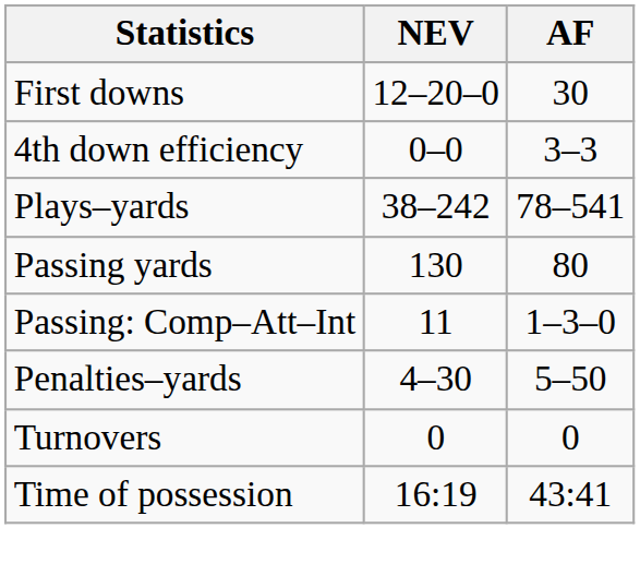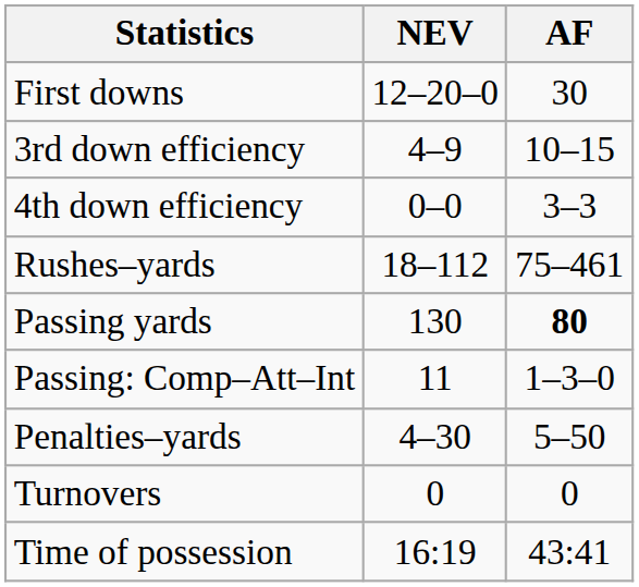 <table class="wikitable">
 <tr>
 <th>Statistics</th>
 <th>NEV</th>
 <th>AF</th>
 </tr>
 <tr>
 <td>First downs</td>
 <td align=center>12–20–0</td>
 <td align=center>30</td>
 </tr>
 <tr>
+<td>3rd down efficiency</td>
+<td align=center>4–9</td>
+<td align=center>10–15</td>
+</tr>
+<tr>
 <td>4th down efficiency</td>
 <td align=center>0–0</td>
 <td align=center>3–3</td>
 </tr>
 <tr>
-<td>Plays–yards</td>
-<td align=center>38–242</td>
-<td align=center>78–541</td>
+<td>Rushes–yards</td>
+<td align=center>18–112</td>
+<td align=center>75–461</td>
 </tr>
 <tr>
 <td>Passing yards</td>
 <td align=center>130</td>
-<td align=center>80</td>
+<td align=center><strong>80</strong></td>
 </tr>
 <tr>
 <td>Passing: Comp–Att–Int</td>
 <td align=center>11</td>
 <td align=center>1–3–0</td>
 </tr>
 <tr>
 <td>Penalties–yards</td>
 <td align=center>4–30</td>
 <td align=center>5–50</td>
 </tr>
 <tr>
 <td>Turnovers</td>
 <td align=center>0</td>
 <td align=center>0</td>
 </tr>
 <tr>
 <td>Time of possession</td>
 <td align=center>16:19</td>
 <td align=center>43:41</td>
 </tr>
 </table>
